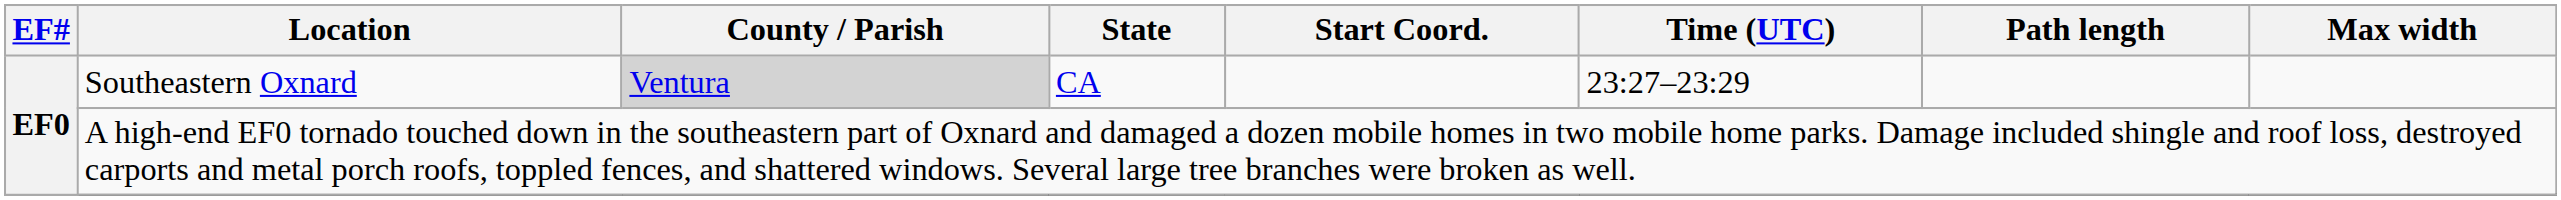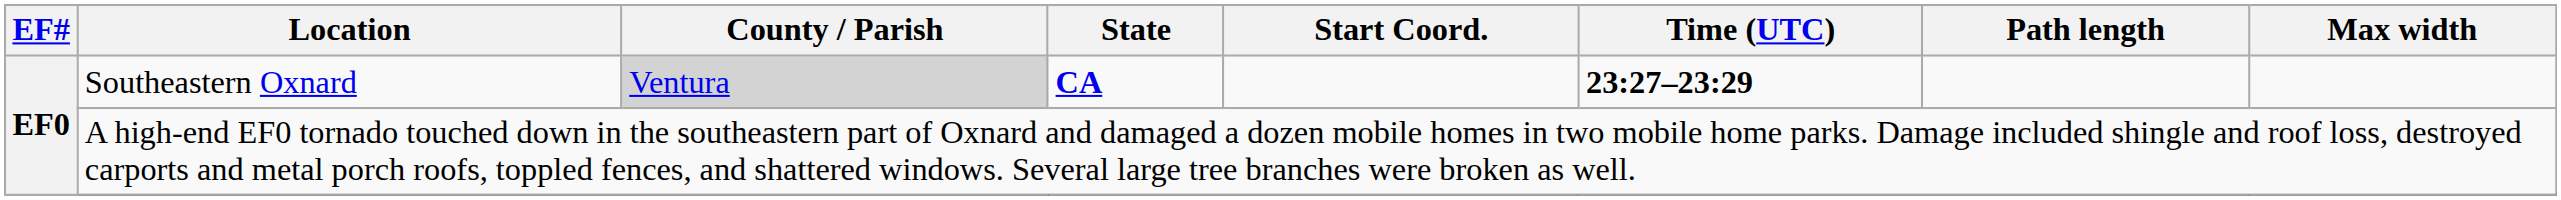 <table class="wikitable sortable" style="width:100%;">
 <tr>
 <th scope="col" width="2%" align="center"><a href='#'>EF#</a></th>
 <th scope="col" align="center" class="unsortable">Location</th>
 <th scope="col" align="center" class="unsortable">County / Parish</th>
 <th scope="col" align="center">State</th>
 <th scope="col" align="center">Start Coord.</th>
 <th scope="col" align="center">Time (<a href='#'>UTC</a>)</th>
 <th scope="col" align="center">Path length</th>
 <th scope="col" align="center">Max width</th>
 </tr>
 <tr>
 <th scope="row" rowspan="2" style="background-color:#">EF0</th>
 <td>Southeastern <a href='#'>Oxnard</a></td>
 <td style="background: lightgrey;"><a href='#'>Ventura</a></td>
-<td><a href='#'>CA</a></td>
+<td><strong><a href='#'>CA</a></strong></td>
 <td></td>
-<td>23:27–23:29</td>
+<td><strong>23:27–23:29</strong></td>
 <td></td>
 <td></td>
 </tr>
 <tr class="expand-child">
 <td colspan="8" style=" border-bottom: 1px solid black;">A high-end EF0 tornado touched down in the southeastern part of Oxnard and damaged a dozen mobile homes in two mobile home parks. Damage included shingle and roof loss, destroyed carports and metal porch roofs, toppled fences, and shattered windows. Several large tree branches were broken as well.</td>
 </tr>
 <tr>
 </tr>
 </table>
